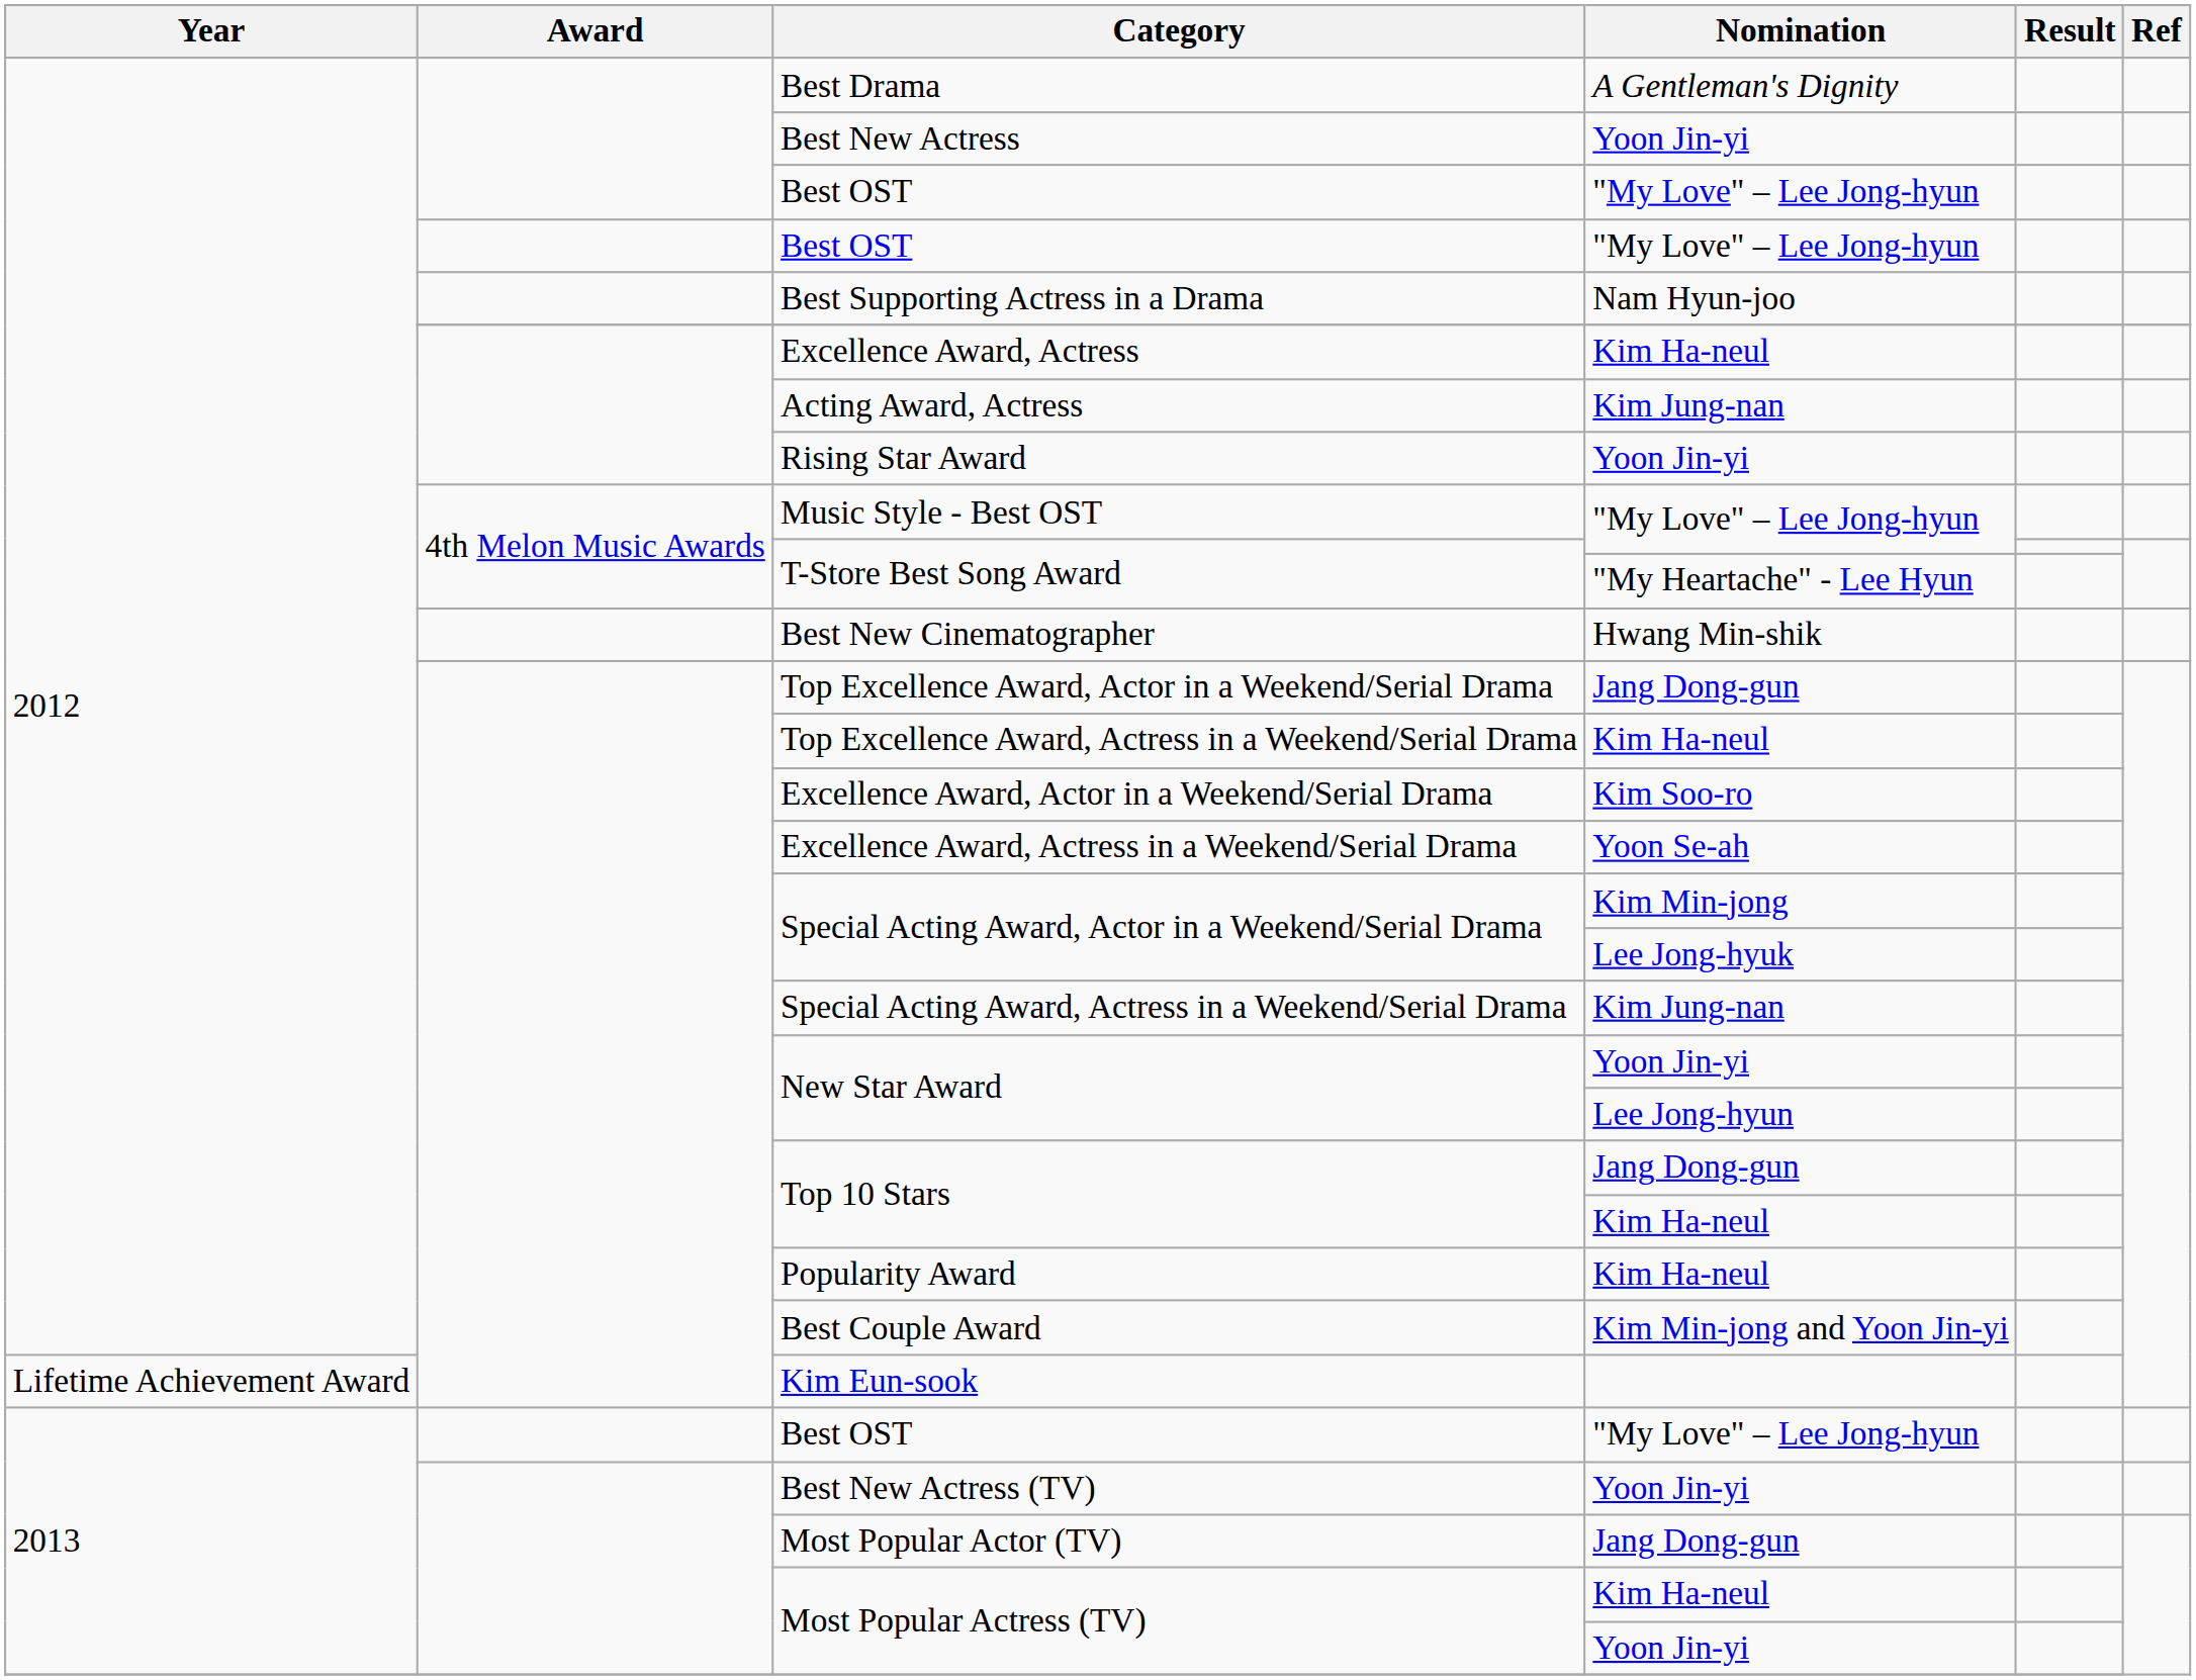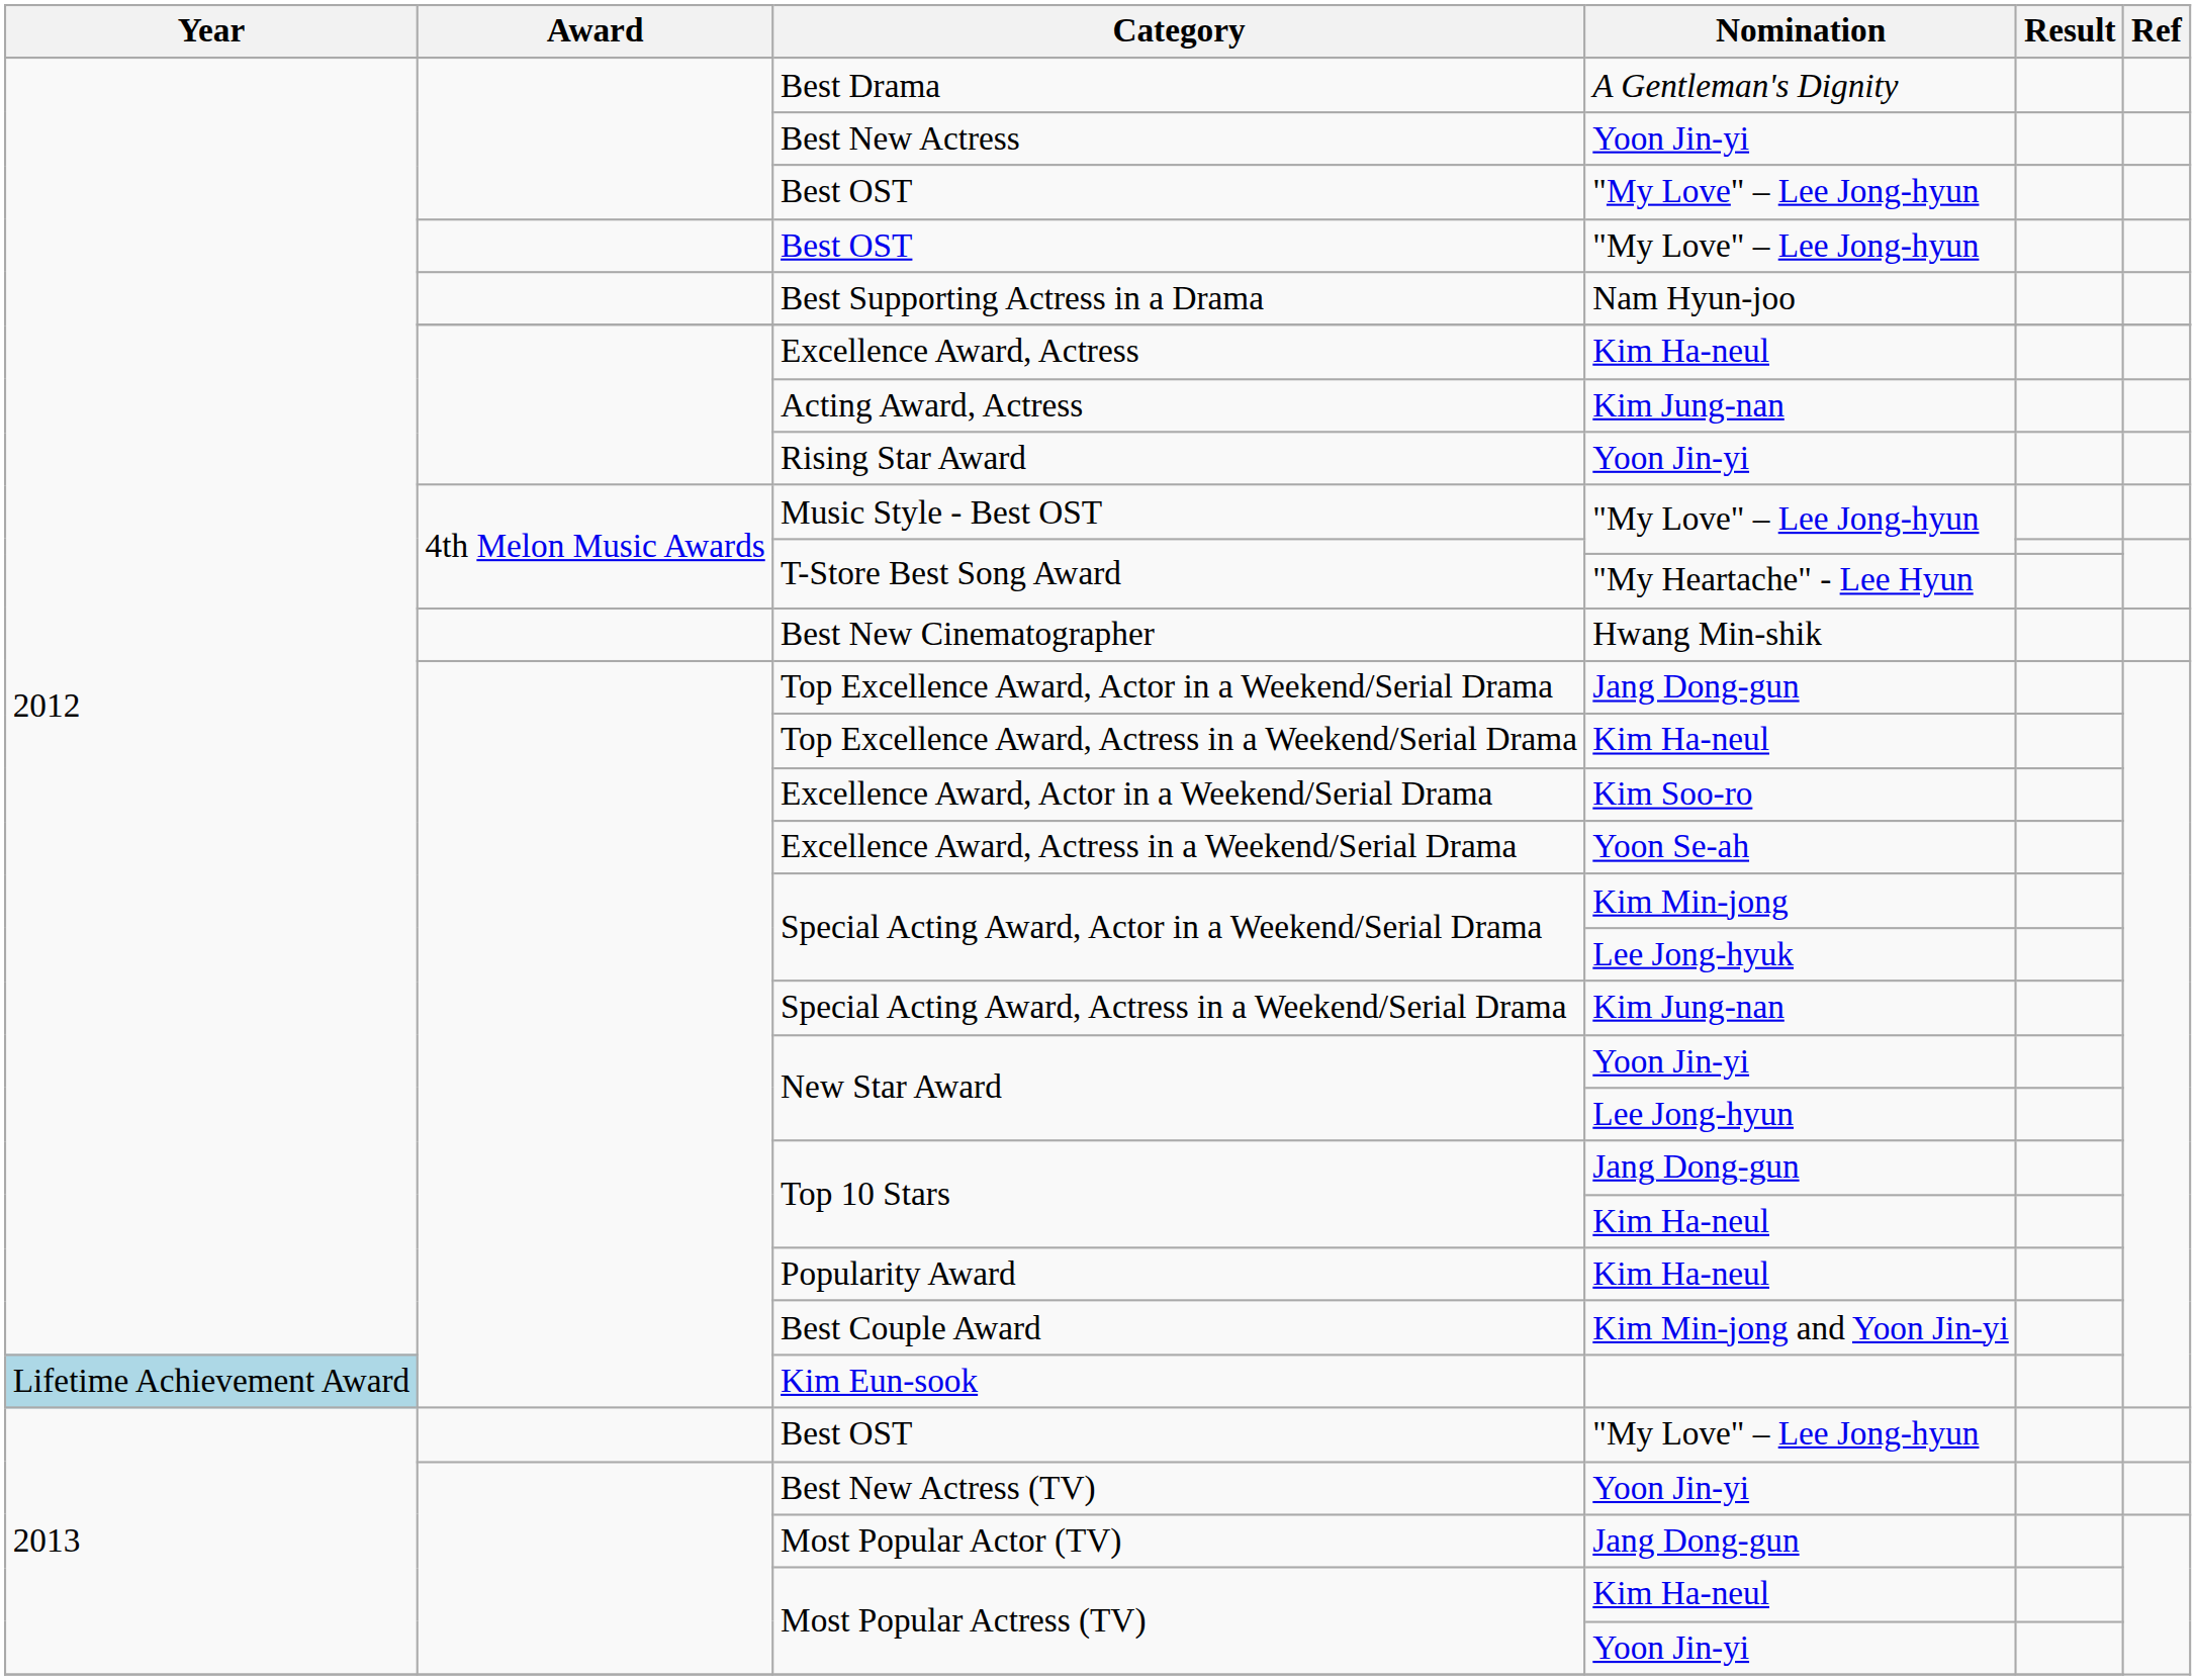 <table class="wikitable">
 <tr>
 <th>Year</th>
 <th>Award</th>
 <th>Category</th>
 <th>Nomination</th>
 <th>Result</th>
 <th>Ref</th>
 </tr>
 <tr>
 <td rowspan=26>2012</td>
 <td rowspan=3></td>
 <td>Best Drama</td>
 <td><em>A Gentleman's Dignity</em></td>
 <td></td>
 <td></td>
 </tr>
 <tr>
 <td>Best New Actress</td>
 <td><a href='#'>Yoon Jin-yi</a></td>
 <td></td>
 <td></td>
 </tr>
 <tr>
 <td>Best OST</td>
 <td>"<a href='#'>My Love</a>" – <a href='#'>Lee Jong-hyun</a></td>
 <td></td>
 <td></td>
 </tr>
 <tr>
 <td></td>
 <td><a href='#'>Best OST</a></td>
 <td>"My Love" – <a href='#'>Lee Jong-hyun</a></td>
 <td></td>
 <td></td>
 </tr>
 <tr>
 <td></td>
 <td>Best Supporting Actress in a Drama</td>
 <td>Nam Hyun-joo</td>
 <td></td>
 <td></td>
 </tr>
 <tr>
 </tr>
 <tr>
 <td rowspan=3></td>
 <td>Excellence Award, Actress</td>
 <td><a href='#'>Kim Ha-neul</a></td>
 <td></td>
 <td></td>
 </tr>
 <tr>
 <td>Acting Award, Actress</td>
 <td><a href='#'>Kim Jung-nan</a></td>
 <td></td>
 <td></td>
 </tr>
 <tr>
 <td>Rising Star Award</td>
 <td><a href='#'>Yoon Jin-yi</a></td>
 <td></td>
 <td></td>
 </tr>
 <tr>
 <td rowspan=3 style="text-align:center;">4th <a href='#'>Melon Music Awards</a></td>
 <td>Music Style - Best OST</td>
 <td rowspan=2>"My Love" – <a href='#'>Lee Jong-hyun</a></td>
 <td></td>
 <td></td>
 </tr>
 <tr>
 <td rowspan=2>T-Store Best Song Award</td>
 <td></td>
 <td rowspan=2></td>
 </tr>
 <tr>
 <td>"My Heartache" - <a href='#'>Lee Hyun</a></td>
 <td></td>
 </tr>
 <tr>
 <td></td>
 <td>Best New Cinematographer</td>
 <td>Hwang Min-shik</td>
 <td></td>
 <td></td>
 </tr>
 <tr>
 <td rowspan=14></td>
 <td>Top Excellence Award, Actor in a Weekend/Serial Drama</td>
 <td><a href='#'>Jang Dong-gun</a></td>
 <td></td>
 <td rowspan=14></td>
 </tr>
 <tr>
 <td>Top Excellence Award, Actress in a Weekend/Serial Drama</td>
 <td><a href='#'>Kim Ha-neul</a></td>
 <td></td>
 </tr>
 <tr>
 <td>Excellence Award, Actor in a Weekend/Serial Drama</td>
 <td><a href='#'>Kim Soo-ro</a></td>
 <td></td>
 </tr>
 <tr>
 <td>Excellence Award, Actress in a Weekend/Serial Drama</td>
 <td><a href='#'>Yoon Se-ah</a></td>
 <td></td>
 </tr>
 <tr>
 <td rowspan=2>Special Acting Award, Actor in a Weekend/Serial Drama</td>
 <td><a href='#'>Kim Min-jong</a></td>
 <td></td>
 </tr>
 <tr>
 <td><a href='#'>Lee Jong-hyuk</a></td>
 <td></td>
 </tr>
 <tr>
 <td>Special Acting Award, Actress in a Weekend/Serial Drama</td>
 <td><a href='#'>Kim Jung-nan</a></td>
 <td></td>
 </tr>
 <tr>
 <td rowspan=2>New Star Award</td>
 <td><a href='#'>Yoon Jin-yi</a></td>
 <td></td>
 </tr>
 <tr>
 <td><a href='#'>Lee Jong-hyun</a></td>
 <td></td>
 </tr>
 <tr>
 <td rowspan=2>Top 10 Stars</td>
 <td><a href='#'>Jang Dong-gun</a></td>
 <td></td>
 </tr>
 <tr>
 <td><a href='#'>Kim Ha-neul</a></td>
 <td></td>
 </tr>
 <tr>
 <td>Popularity Award</td>
 <td><a href='#'>Kim Ha-neul</a></td>
 <td></td>
 </tr>
 <tr>
 <td>Best Couple Award</td>
 <td><a href='#'>Kim Min-jong</a> and <a href='#'>Yoon Jin-yi</a></td>
 <td></td>
 </tr>
 <tr>
-<td>Lifetime Achievement Award</td>
+<td style="background: lightblue;">Lifetime Achievement Award</td>
 <td><a href='#'>Kim Eun-sook</a></td>
 <td></td>
 </tr>
 <tr>
 <td rowspan=5>2013</td>
 <td></td>
 <td>Best OST</td>
 <td>"My Love" – <a href='#'>Lee Jong-hyun</a></td>
 <td></td>
 <td></td>
 </tr>
 <tr>
 <td rowspan=4></td>
 <td>Best New Actress (TV)</td>
 <td><a href='#'>Yoon Jin-yi</a></td>
 <td></td>
 </tr>
 <tr>
 <td>Most Popular Actor (TV)</td>
 <td><a href='#'>Jang Dong-gun</a></td>
 <td></td>
 <td rowspan=4></td>
 </tr>
 <tr>
 <td rowspan=2>Most Popular Actress (TV)</td>
 <td><a href='#'>Kim Ha-neul</a></td>
 <td></td>
 </tr>
 <tr>
 <td><a href='#'>Yoon Jin-yi</a></td>
 <td></td>
 </tr>
 <tr>
 </tr>
 </table>
